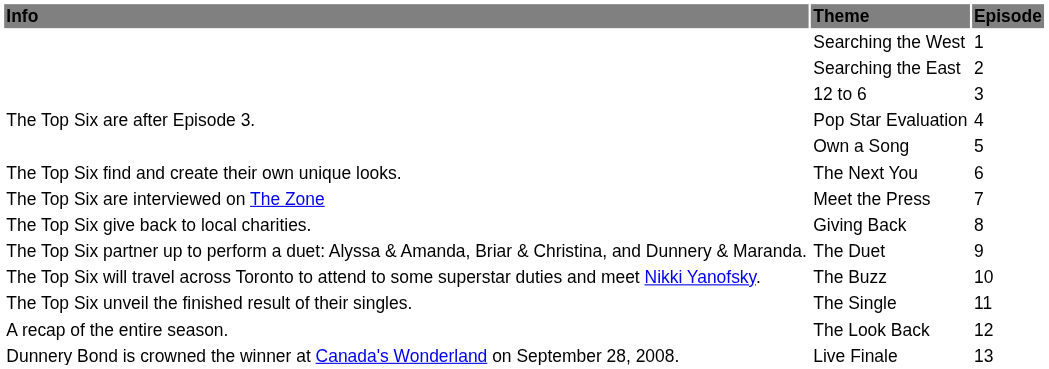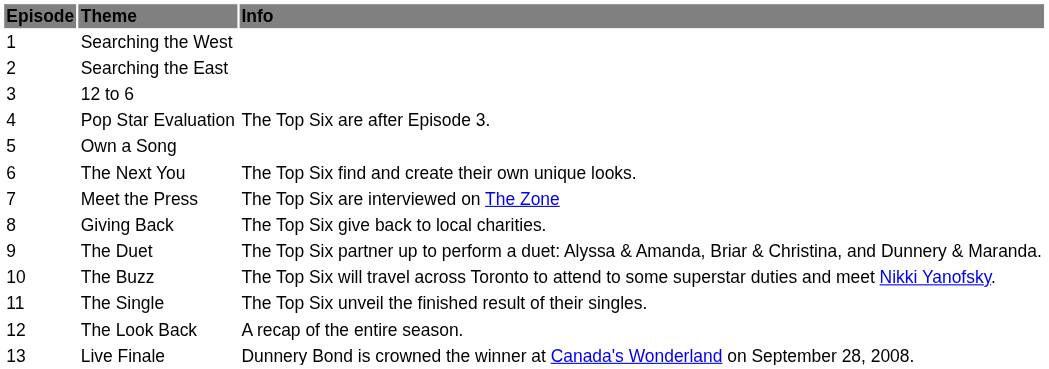 <table cellpadding="2" cellspacing="2">
 <tr style="background:gray;">
+<td><strong>Episode</strong></td>
+<td><strong>Theme</strong></td>
 <td><strong>Info</strong></td>
-<td><strong>Theme</strong></td>
-<td><strong>Episode</strong></td>
 </tr>
 <tr>
+<td>1</td>
+<td>Searching the West</td>
 <td></td>
-<td>Searching the West</td>
-<td>1</td>
 </tr>
 <tr>
+<td>2</td>
+<td>Searching the East</td>
 <td></td>
-<td>Searching the East</td>
-<td>2</td>
 </tr>
 <tr>
+<td>3</td>
+<td>12 to 6</td>
 <td></td>
-<td>12 to 6</td>
-<td>3</td>
 </tr>
 <tr>
+<td>4</td>
+<td>Pop Star Evaluation</td>
 <td>The Top Six are after Episode 3.</td>
-<td>Pop Star Evaluation</td>
-<td>4</td>
 </tr>
 <tr>
+<td>5</td>
+<td>Own a Song</td>
 <td></td>
-<td>Own a Song</td>
-<td>5</td>
 </tr>
 <tr>
+<td>6</td>
+<td>The Next You</td>
 <td>The Top Six find and create their own unique looks.</td>
-<td>The Next You</td>
-<td>6</td>
 </tr>
 <tr>
+<td>7</td>
+<td>Meet the Press</td>
 <td>The Top Six are interviewed on <a href='#'>The Zone</a></td>
-<td>Meet the Press</td>
-<td>7</td>
 </tr>
 <tr>
+<td>8</td>
+<td>Giving Back</td>
 <td>The Top Six give back to local charities.</td>
-<td>Giving Back</td>
-<td>8</td>
 </tr>
 <tr>
+<td>9</td>
+<td>The Duet</td>
 <td>The Top Six partner up to perform a duet: Alyssa & Amanda, Briar & Christina, and Dunnery & Maranda.</td>
-<td>The Duet</td>
-<td>9</td>
 </tr>
 <tr>
+<td>10</td>
+<td>The Buzz</td>
 <td>The Top Six will travel across Toronto to attend to some superstar duties and meet <a href='#'>Nikki Yanofsky</a>.</td>
-<td>The Buzz</td>
-<td>10</td>
 </tr>
 <tr>
+<td>11</td>
+<td>The Single</td>
 <td>The Top Six unveil the finished result of their singles.</td>
-<td>The Single</td>
-<td>11</td>
 </tr>
 <tr>
+<td>12</td>
+<td>The Look Back</td>
 <td>A recap of the entire season.</td>
-<td>The Look Back</td>
-<td>12</td>
 </tr>
 <tr>
+<td>13</td>
+<td>Live Finale</td>
 <td>Dunnery Bond is crowned the winner at <a href='#'>Canada's Wonderland</a> on September 28, 2008.</td>
-<td>Live Finale</td>
-<td>13</td>
 </tr>
 </table>
